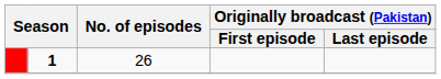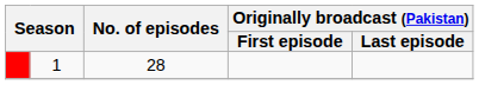 <table class="wikitable" style="text-align:center">
 <tr>
 <th style="padding: 0 8px" colspan="2" rowspan="2">Season</th>
 <th style="padding: 0 8px" rowspan="2">No. of episodes</th>
 <th colspan="2">Originally broadcast <small>(<a href='#'>Pakistan</a>)</small></th>
 </tr>
 <tr>
 <th style="padding: 0 8px">First episode</th>
 <th style="padding: 0 8px">Last episode</th>
 </tr>
 <tr>
 <td style="background:#f00;"></td>
-<td style="text-align:center;"><strong>1</strong></td>
-<td style="text-align:center;">26</td>
+<td style="text-align:center;">1</td>
+<td style="text-align:center;">28</td>
 <td style="text-align:center;"></td>
 <td style="text-align:center;"></td>
 </tr>
 <tr>
 </tr>
 </table>
